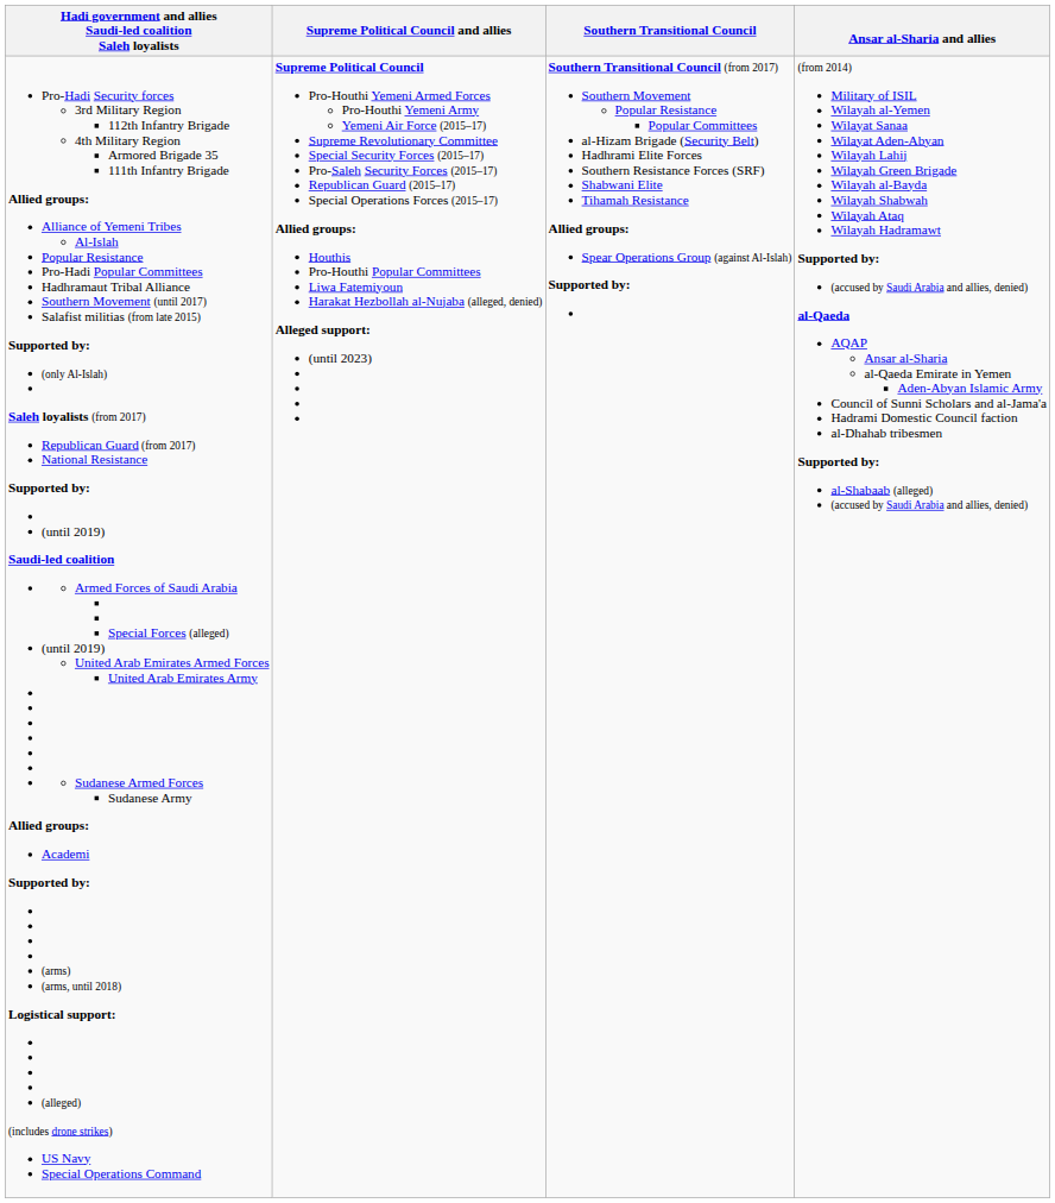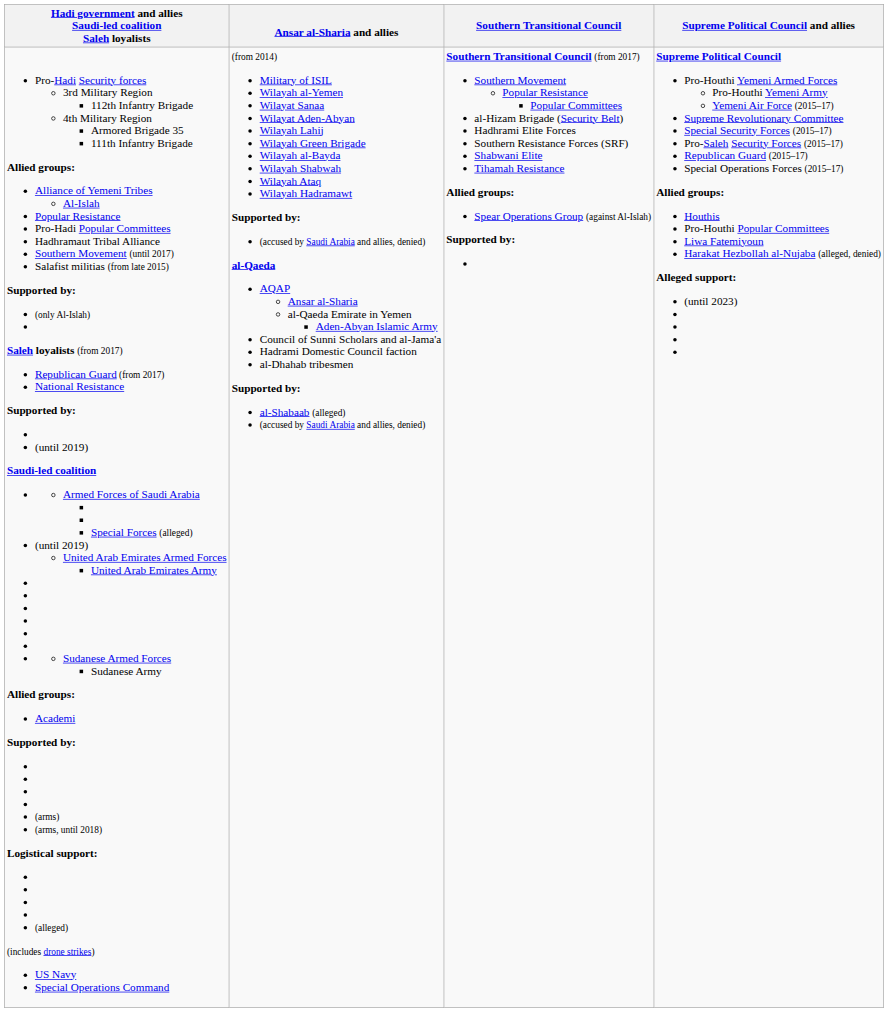 <table class="wikitable">
 <tr>
 <th> <a href='#'>Hadi government</a> and allies<br> <a href='#'>Saudi-led coalition</a><br> <a href='#'>Saleh</a> loyalists</th>
+<th><br> <a href='#'>Ansar al-Sharia</a> and allies</th>
+<th> <a href='#'>Southern Transitional Council</a></th>
 <th> <a href='#'>Supreme Political Council</a> and allies</th>
-<th> <a href='#'>Southern Transitional Council</a></th>
-<th><br> <a href='#'>Ansar al-Sharia</a> and allies</th>
 </tr>
 <tr>
 <td valign=top><br><ul><li> Pro-<a href='#'>Hadi</a> <a href='#'>Security forces</a><ul><li>3rd Military Region<ul><li>112th Infantry Brigade</li></ul></li><li>4th Military Region<ul><li>Armored Brigade 35</li><li>111th Infantry Brigade</li></ul></li></ul></li></ul><strong>Allied groups:</strong><ul><li><a href='#'>Alliance of Yemeni Tribes</a><ul><li> <a href='#'>Al-Islah</a></li></ul></li><li><a href='#'>Popular Resistance</a></li><li>Pro-Hadi <a href='#'>Popular Committees</a></li><li> Hadhramaut Tribal Alliance</li><li> <a href='#'>Southern Movement</a> <small>(until 2017)</small></li><li> Salafist militias <small>(from late 2015)</small></li></ul><strong>Supported by:</strong><ul><li> <small>(only Al-Islah)</small></li><li></li></ul> <strong><a href='#'>Saleh</a> loyalists</strong> <small>(from 2017)</small><ul><li> <a href='#'>Republican Guard</a><small> (from 2017)</small></li><li><a href='#'>National Resistance</a></li></ul><strong>Supported by:</strong><ul><li></li><li> (until 2019) </li></ul><strong><a href='#'>Saudi-led coalition</a></strong><ul><li><strong></strong><ul><li><a href='#'>Armed Forces of Saudi Arabia</a><ul><li></li><li></li><li><a href='#'>Special Forces</a> <small>(alleged)</small></li></ul></li></ul></li><li> (until 2019) <ul><li> <a href='#'>United Arab Emirates Armed Forces</a><ul><li><a href='#'>United Arab Emirates Army</a></li></ul></li></ul></li><li></li><li></li><li></li><li> </li><li> </li><li></li><li><ul><li> <a href='#'>Sudanese Armed Forces</a><ul><li>Sudanese Army</li></ul></li></ul></li></ul><strong>Allied groups:</strong><ul><li> <a href='#'>Academi</a></li></ul><strong>Supported by:</strong><ul><li></li><li></li><li></li><li></li><li> <small>(arms)</small></li><li> <small>(arms, until 2018)</small></li></ul><strong>Logistical support:</strong><ul><li></li><li></li><li></li><li></li><li> <small>(alleged)</small></li></ul><strong></strong> <small>(includes <a href='#'>drone strikes</a>)</small><ul><li><a href='#'>US Navy</a></li><li><a href='#'>Special Operations Command</a></li></ul></td>
+<td valign=top><strong></strong> <small>(from 2014)</small><br><ul><li> <a href='#'>Military of ISIL</a></li><li> <a href='#'>Wilayah al-Yemen</a></li><li> <a href='#'>Wilayat Sanaa</a></li><li> <a href='#'>Wilayat Aden-Abyan</a></li><li> <a href='#'>Wilayah Lahij</a></li><li> <a href='#'>Wilayah Green Brigade</a></li><li> <a href='#'>Wilayah al-Bayda</a></li><li> <a href='#'>Wilayah Shabwah</a></li><li> <a href='#'>Wilayah Ataq</a></li><li> <a href='#'>Wilayah Hadramawt</a></li></ul><strong>Supported by:</strong><ul><li> <small>(accused by <a href='#'>Saudi Arabia</a> and allies, denied)</small></li></ul> <strong><a href='#'>al-Qaeda</a></strong><ul><li> <a href='#'>AQAP</a><ul><li><a href='#'>Ansar al-Sharia</a></li><li> al-Qaeda Emirate in Yemen<ul><li><a href='#'>Aden-Abyan Islamic Army</a></li></ul></li></ul></li><li>Council of Sunni Scholars and al-Jama'a</li><li>Hadrami Domestic Council faction</li><li>al-Dhahab tribesmen</li></ul><strong>Supported by:</strong><ul><li> <a href='#'>al-Shabaab</a> <small>(alleged)</small></li><li> <small>(accused by <a href='#'>Saudi Arabia</a> and allies, denied)</small></li></ul></td>
+<td valign=top> <strong><a href='#'>Southern Transitional Council</a></strong> <small>(from 2017)</small><br><ul><li> <a href='#'>Southern Movement</a><ul><li><a href='#'>Popular Resistance</a><ul><li><a href='#'>Popular Committees</a></li></ul></li></ul></li><li>al-Hizam Brigade (<a href='#'>Security Belt</a>)</li><li>Hadhrami Elite Forces</li><li>Southern Resistance Forces (SRF)</li><li><a href='#'>Shabwani Elite</a></li><li> <a href='#'>Tihamah Resistance</a></li></ul><strong>Allied groups:</strong><ul><li><a href='#'>Spear Operations Group</a> <small>(against Al-Islah)</small></li></ul><strong>Supported by:</strong><ul><li></li></ul></td>
 <td valign=top><strong> <a href='#'>Supreme Political Council</a></strong><br><ul><li> Pro-Houthi <a href='#'>Yemeni Armed Forces</a><ul><li> Pro-Houthi <a href='#'>Yemeni Army</a></li><li> <a href='#'>Yemeni Air Force</a> <small>(2015–17)</small></li></ul></li><li> <a href='#'>Supreme Revolutionary Committee</a></li><li> <a href='#'>Special Security Forces</a> <small>(2015–17)</small></li><li> Pro-<a href='#'>Saleh</a> <a href='#'>Security Forces</a> <small>(2015–17)</small></li><li> <a href='#'>Republican Guard</a> <small>(2015–17)</small></li><li>Special Operations Forces <small>(2015–17)</small></li></ul><strong>Allied groups:</strong><ul><li> <a href='#'>Houthis</a></li><li> Pro-Houthi <a href='#'>Popular Committees</a></li><li><a href='#'>Liwa Fatemiyoun</a></li><li> <a href='#'>Harakat Hezbollah al-Nujaba</a> <small> (alleged, denied)</small></li></ul><strong>Alleged support:</strong><ul><li> (until 2023)</li><li></li><li></li><li></li><li></li></ul></td>
-<td valign=top> <strong><a href='#'>Southern Transitional Council</a></strong> <small>(from 2017)</small><br><ul><li> <a href='#'>Southern Movement</a><ul><li><a href='#'>Popular Resistance</a><ul><li><a href='#'>Popular Committees</a></li></ul></li></ul></li><li>al-Hizam Brigade (<a href='#'>Security Belt</a>)</li><li>Hadhrami Elite Forces</li><li>Southern Resistance Forces (SRF)</li><li><a href='#'>Shabwani Elite</a></li><li> <a href='#'>Tihamah Resistance</a></li></ul><strong>Allied groups:</strong><ul><li><a href='#'>Spear Operations Group</a> <small>(against Al-Islah)</small></li></ul><strong>Supported by:</strong><ul><li></li></ul></td>
-<td valign=top><strong></strong> <small>(from 2014)</small><br><ul><li> <a href='#'>Military of ISIL</a></li><li> <a href='#'>Wilayah al-Yemen</a></li><li> <a href='#'>Wilayat Sanaa</a></li><li> <a href='#'>Wilayat Aden-Abyan</a></li><li> <a href='#'>Wilayah Lahij</a></li><li> <a href='#'>Wilayah Green Brigade</a></li><li> <a href='#'>Wilayah al-Bayda</a></li><li> <a href='#'>Wilayah Shabwah</a></li><li> <a href='#'>Wilayah Ataq</a></li><li> <a href='#'>Wilayah Hadramawt</a></li></ul><strong>Supported by:</strong><ul><li> <small>(accused by <a href='#'>Saudi Arabia</a> and allies, denied)</small></li></ul> <strong><a href='#'>al-Qaeda</a></strong><ul><li> <a href='#'>AQAP</a><ul><li><a href='#'>Ansar al-Sharia</a></li><li> al-Qaeda Emirate in Yemen<ul><li><a href='#'>Aden-Abyan Islamic Army</a></li></ul></li></ul></li><li>Council of Sunni Scholars and al-Jama'a</li><li>Hadrami Domestic Council faction</li><li>al-Dhahab tribesmen</li></ul><strong>Supported by:</strong><ul><li> <a href='#'>al-Shabaab</a> <small>(alleged)</small></li><li> <small>(accused by <a href='#'>Saudi Arabia</a> and allies, denied)</small></li></ul></td>
 </tr>
 </table>
